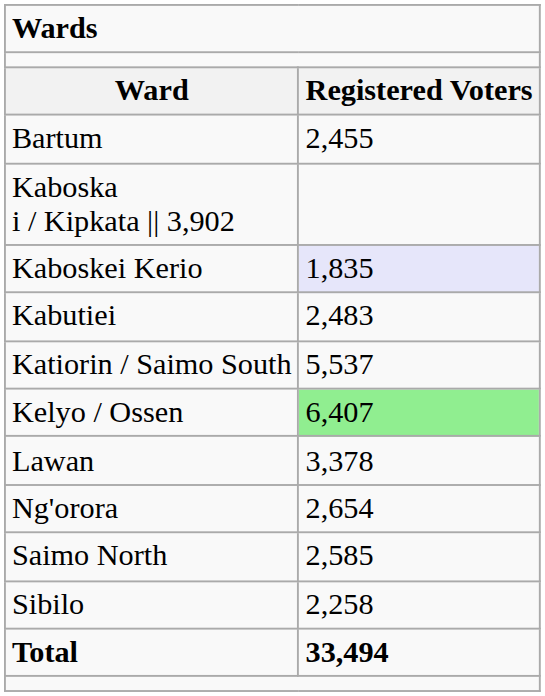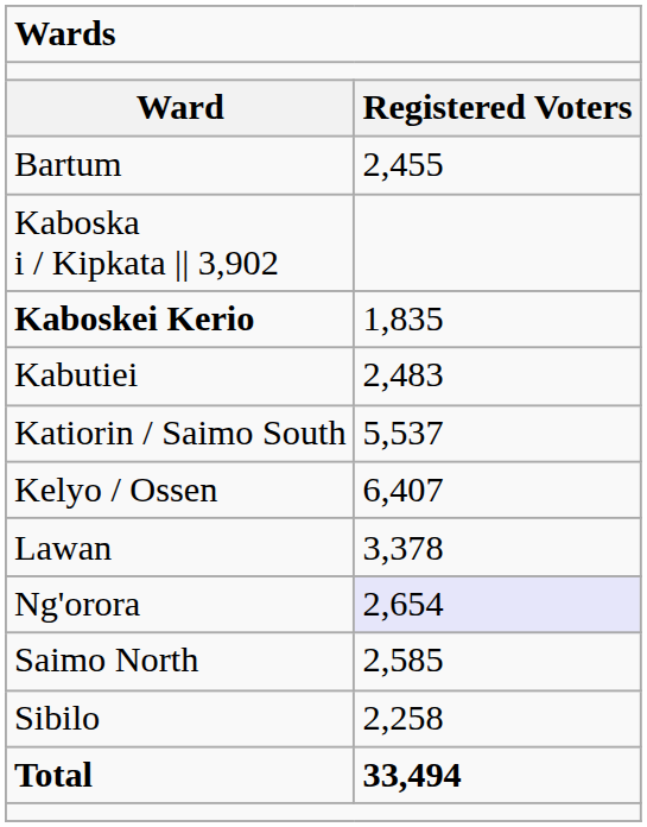 <table class="wikitable">
 <tr>
 <td colspan="2"><strong>Wards</strong></td>
 </tr>
 <tr>
 <td colspan="2"></td>
 </tr>
 <tr>
 <th>Ward</th>
 <th>Registered Voters</th>
 </tr>
 <tr>
 <td>Bartum</td>
 <td>2,455</td>
 </tr>
 <tr>
 <td>Kaboska<br>i / Kipkata || 3,902</td>
 </tr>
 <tr>
-<td>Kaboskei Kerio</td>
-<td style="background: lavender;">1,835</td>
+<td><strong>Kaboskei Kerio</strong></td>
+<td>1,835</td>
 </tr>
 <tr>
 <td>Kabutiei</td>
 <td>2,483</td>
 </tr>
 <tr>
 <td>Katiorin / Saimo South</td>
 <td>5,537</td>
 </tr>
 <tr>
 <td>Kelyo / Ossen</td>
-<td style="background: lightgreen;">6,407</td>
+<td>6,407</td>
 </tr>
 <tr>
 <td>Lawan</td>
 <td>3,378</td>
 </tr>
 <tr>
 <td>Ng'orora</td>
-<td>2,654</td>
+<td style="background: lavender;">2,654</td>
 </tr>
 <tr>
 <td>Saimo North</td>
 <td>2,585</td>
 </tr>
 <tr>
 <td>Sibilo</td>
 <td>2,258</td>
 </tr>
 <tr>
 <td><strong>Total</strong></td>
 <td><strong>33,494</strong></td>
 </tr>
 <tr>
 <td colspan="2"></td>
 </tr>
 </table>
